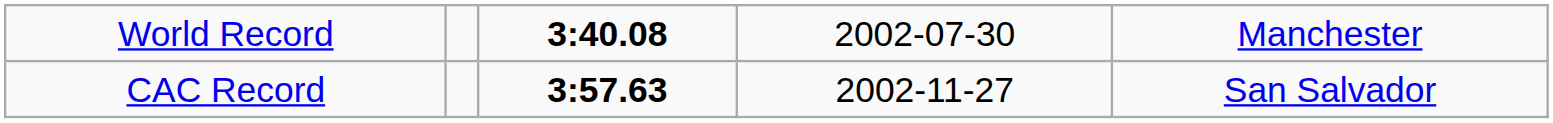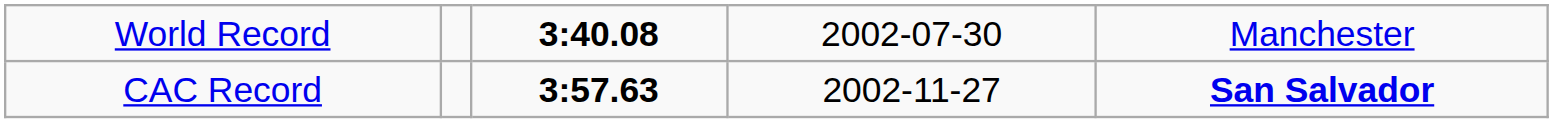 <table class="wikitable" style=" text-align:center; font-size:95%;" width="75%">
 <tr>
 <td><a href='#'>World Record</a></td>
 <td></td>
 <td><strong>3:40.08</strong></td>
 <td>2002-07-30</td>
 <td> <a href='#'>Manchester</a></td>
 </tr>
 <tr>
 <td><a href='#'>CAC Record</a></td>
 <td></td>
 <td><strong>3:57.63</strong></td>
 <td>2002-11-27</td>
-<td> <a href='#'>San Salvador</a></td>
+<td><strong> <a href='#'>San Salvador</a></strong></td>
 </tr>
 </table>
